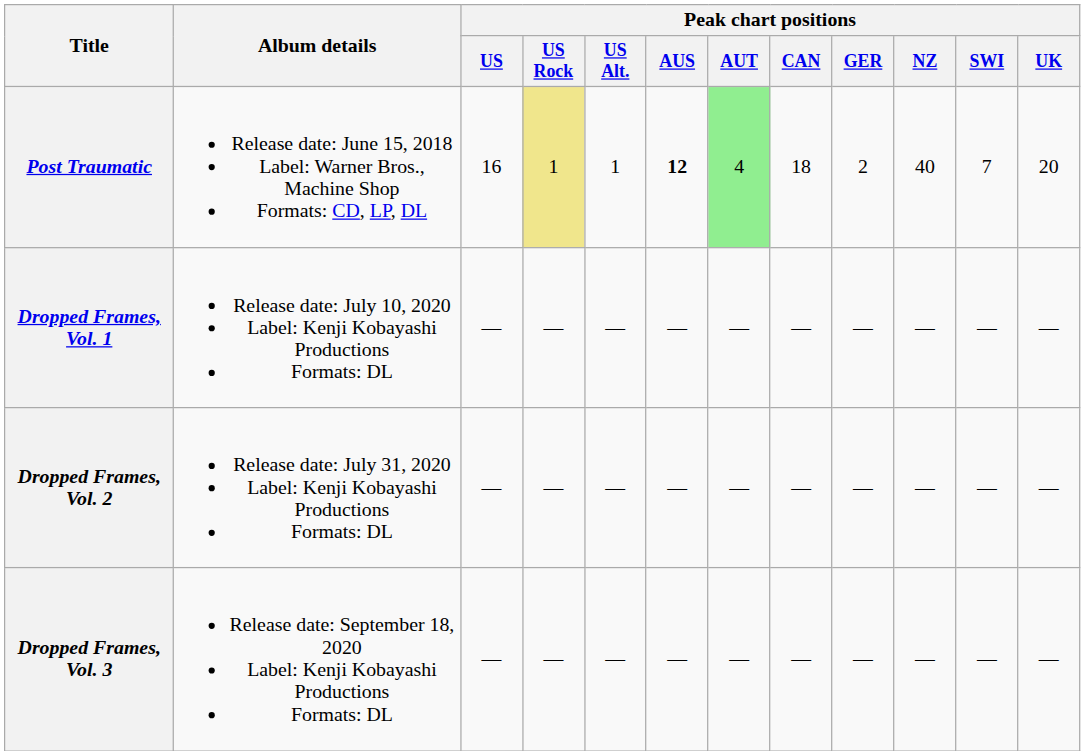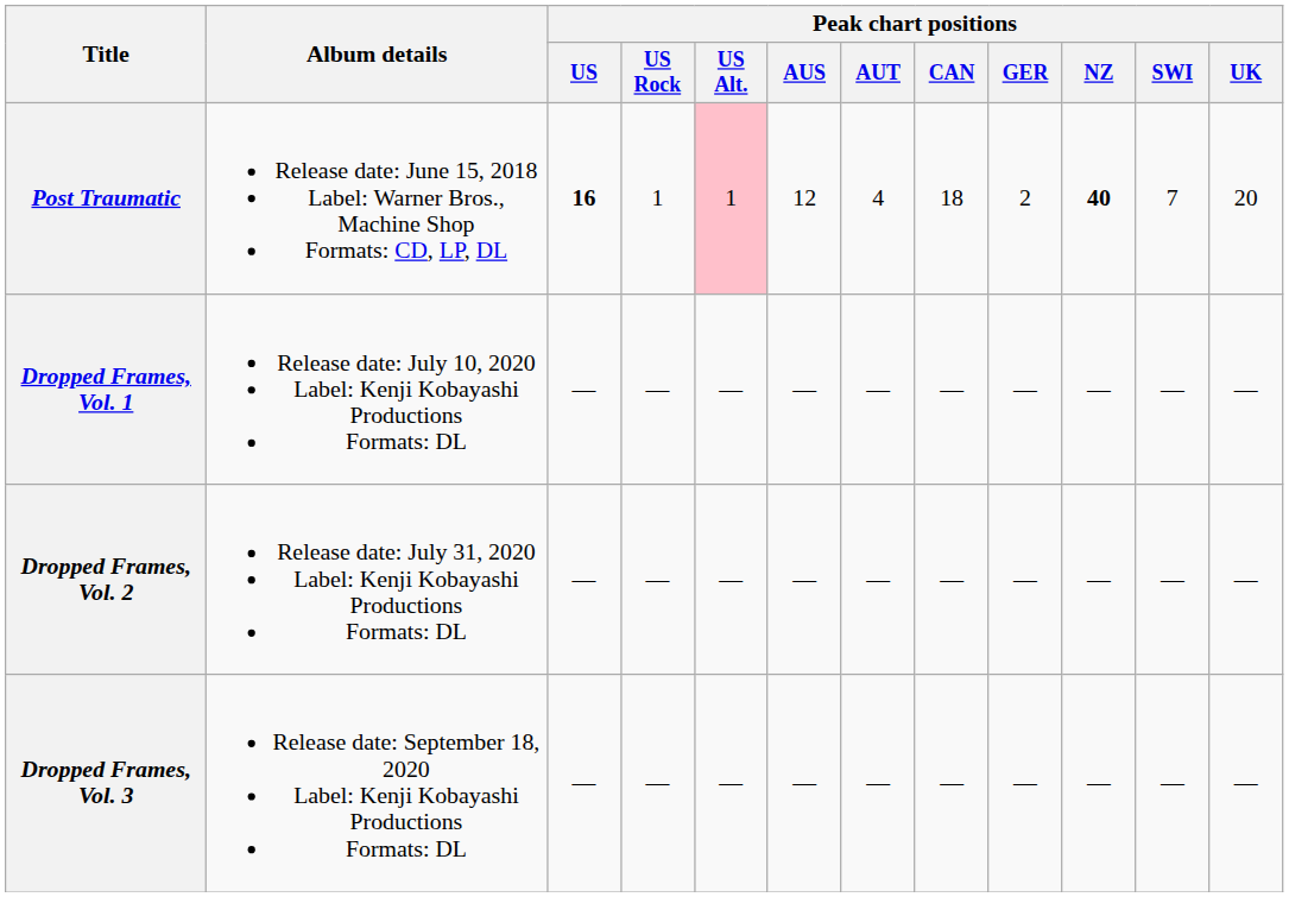 <table class="wikitable plainrowheaders" style="text-align:center">
 <tr>
 <th scope="col" rowspan="2">Title</th>
 <th scope="col" rowspan="2">Album details</th>
 <th scope="col" colspan="10">Peak chart positions</th>
 </tr>
 <tr>
 <th scope="col" style="width:3em;font-size:90%;"><a href='#'>US</a><br></th>
 <th scope="col" style="width:3em;font-size:90%;"><a href='#'>US Rock</a><br></th>
 <th scope="col" style="width:3em;font-size:90%;"><a href='#'>US Alt.</a><br></th>
 <th scope="col" style="width:3em;font-size:90%;"><a href='#'>AUS</a><br></th>
 <th scope="col" style="width:3em;font-size:90%;"><a href='#'>AUT</a><br></th>
 <th scope="col" style="width:3em;font-size:90%;"><a href='#'>CAN</a><br></th>
 <th scope="col" style="width:3em;font-size:90%;"><a href='#'>GER</a><br></th>
 <th scope="col" style="width:3em;font-size:90%;"><a href='#'>NZ</a><br></th>
 <th scope="col" style="width:3em;font-size:90%;"><a href='#'>SWI</a><br></th>
 <th scope="col" style="width:3em;font-size:90%;"><a href='#'>UK</a><br></th>
 </tr>
 <tr>
 <th scope="row"><em><a href='#'>Post Traumatic</a></em></th>
 <td><br><ul><li>Release date: June 15, 2018</li><li>Label: Warner Bros., Machine Shop</li><li>Formats: <a href='#'>CD</a>, <a href='#'>LP</a>, <a href='#'>DL</a></li></ul></td>
-<td>16</td>
-<td style="background: khaki;">1</td>
+<td><strong>16</strong></td>
 <td>1</td>
-<td><strong>12</strong></td>
-<td style="background: lightgreen;">4</td>
+<td style="background: pink;">1</td>
+<td>12</td>
+<td>4</td>
 <td>18</td>
 <td>2</td>
-<td>40</td>
+<td><strong>40</strong></td>
 <td>7</td>
 <td>20</td>
 </tr>
 <tr>
 <th scope="row"><em><a href='#'>Dropped Frames, Vol. 1</a></em></th>
 <td><br><ul><li>Release date: July 10, 2020</li><li>Label: Kenji Kobayashi Productions</li><li>Formats: DL</li></ul></td>
 <td>—</td>
 <td>—</td>
 <td>—</td>
 <td>—</td>
 <td>—</td>
 <td>—</td>
 <td>—</td>
 <td>—</td>
 <td>—</td>
 <td>—</td>
 </tr>
 <tr>
 <th scope="row"><em>Dropped Frames, Vol. 2</em></th>
 <td><br><ul><li>Release date: July 31, 2020</li><li>Label: Kenji Kobayashi Productions</li><li>Formats: DL</li></ul></td>
 <td>—</td>
 <td>—</td>
 <td>—</td>
 <td>—</td>
 <td>—</td>
 <td>—</td>
 <td>—</td>
 <td>—</td>
 <td>—</td>
 <td>—</td>
 </tr>
 <tr>
 <th scope="row"><em>Dropped Frames, Vol. 3</em></th>
 <td><br><ul><li>Release date: September 18, 2020</li><li>Label: Kenji Kobayashi Productions</li><li>Formats: DL</li></ul></td>
 <td>—</td>
 <td>—</td>
 <td>—</td>
 <td>—</td>
 <td>—</td>
 <td>—</td>
 <td>—</td>
 <td>—</td>
 <td>—</td>
 <td>—</td>
 </tr>
 </table>
